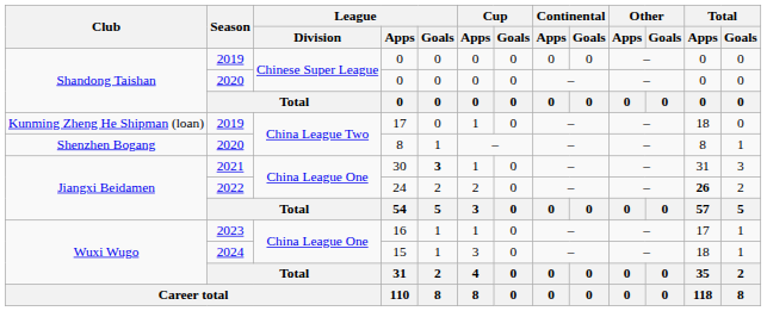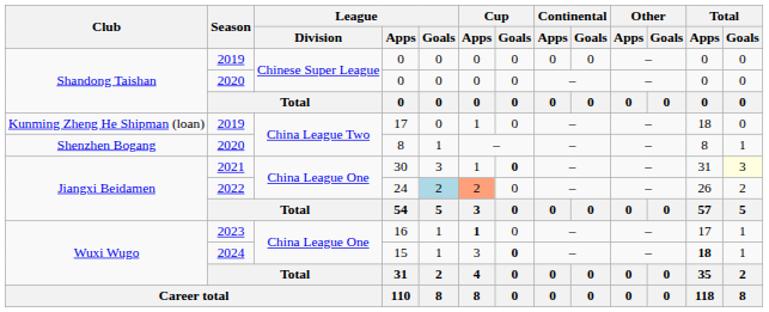 <table class="wikitable" style="text-align: center">
 <tr>
 <th rowspan="2">Club</th>
 <th rowspan="2">Season</th>
 <th colspan="3">League</th>
 <th colspan="2">Cup</th>
 <th colspan="2">Continental</th>
 <th colspan="2">Other</th>
 <th colspan="2">Total</th>
 </tr>
 <tr>
 <th>Division</th>
 <th>Apps</th>
 <th>Goals</th>
 <th>Apps</th>
 <th>Goals</th>
 <th>Apps</th>
 <th>Goals</th>
 <th>Apps</th>
 <th>Goals</th>
 <th>Apps</th>
 <th>Goals</th>
 </tr>
 <tr>
 <td rowspan="3"><a href='#'>Shandong Taishan</a></td>
 <td><a href='#'>2019</a></td>
 <td rowspan="2"><a href='#'>Chinese Super League</a></td>
 <td>0</td>
 <td>0</td>
 <td>0</td>
 <td>0</td>
 <td>0</td>
 <td>0</td>
 <td colspan="2">–</td>
 <td>0</td>
 <td>0</td>
 </tr>
 <tr>
 <td><a href='#'>2020</a></td>
 <td>0</td>
 <td>0</td>
 <td>0</td>
 <td>0</td>
 <td colspan="2">–</td>
 <td colspan="2">–</td>
 <td>0</td>
 <td>0</td>
 </tr>
 <tr>
 <th colspan=2>Total</th>
 <th>0</th>
 <th>0</th>
 <th>0</th>
 <th>0</th>
 <th>0</th>
 <th>0</th>
 <th>0</th>
 <th>0</th>
 <th>0</th>
 <th>0</th>
 </tr>
 <tr>
 <td><a href='#'>Kunming Zheng He Shipman</a> (loan)</td>
 <td><a href='#'>2019</a></td>
 <td rowspan="2"><a href='#'>China League Two</a></td>
 <td>17</td>
 <td>0</td>
 <td>1</td>
 <td>0</td>
 <td colspan="2">–</td>
 <td colspan="2">–</td>
 <td>18</td>
 <td>0</td>
 </tr>
 <tr>
 <td><a href='#'>Shenzhen Bogang</a></td>
 <td><a href='#'>2020</a></td>
 <td>8</td>
 <td>1</td>
 <td colspan="2">–</td>
 <td colspan="2">–</td>
 <td colspan="2">–</td>
 <td>8</td>
 <td>1</td>
 </tr>
 <tr>
 <td rowspan=3><a href='#'>Jiangxi Beidamen</a></td>
 <td><a href='#'>2021</a></td>
 <td rowspan=2><a href='#'>China League One</a></td>
 <td>30</td>
-<td><strong>3</strong></td>
+<td>3</td>
 <td>1</td>
-<td>0</td>
+<td><strong>0</strong></td>
 <td colspan="2">–</td>
 <td colspan="2">–</td>
 <td>31</td>
-<td>3</td>
+<td style="background: lightyellow;">3</td>
 </tr>
 <tr>
 <td><a href='#'>2022</a></td>
 <td>24</td>
-<td>2</td>
-<td>2</td>
+<td style="background: lightblue;">2</td>
+<td style="background: lightsalmon;">2</td>
 <td>0</td>
 <td colspan="2">–</td>
 <td colspan="2">–</td>
-<td><strong>26</strong></td>
+<td>26</td>
 <td>2</td>
 </tr>
 <tr>
 <th colspan=2>Total</th>
 <th>54</th>
 <th>5</th>
 <th>3</th>
 <th>0</th>
 <th>0</th>
 <th>0</th>
 <th>0</th>
 <th>0</th>
 <th>57</th>
 <th>5</th>
 </tr>
 <tr>
 <td rowspan=3><a href='#'>Wuxi Wugo</a></td>
 <td><a href='#'>2023</a></td>
 <td rowspan=2><a href='#'>China League One</a></td>
 <td>16</td>
 <td>1</td>
-<td>1</td>
+<td><strong>1</strong></td>
 <td>0</td>
 <td colspan="2">–</td>
 <td colspan="2">–</td>
 <td>17</td>
 <td>1</td>
 </tr>
 <tr>
 <td><a href='#'>2024</a></td>
 <td>15</td>
 <td>1</td>
 <td>3</td>
-<td>0</td>
+<td><strong>0</strong></td>
 <td colspan="2">–</td>
 <td colspan="2">–</td>
-<td>18</td>
+<td><strong>18</strong></td>
 <td>1</td>
 </tr>
 <tr>
 <th colspan=2>Total</th>
 <th>31</th>
 <th>2</th>
 <th>4</th>
 <th>0</th>
 <th>0</th>
 <th>0</th>
 <th>0</th>
 <th>0</th>
 <th>35</th>
 <th>2</th>
 </tr>
 <tr>
 <th colspan=3>Career total</th>
 <th>110</th>
 <th>8</th>
 <th>8</th>
 <th>0</th>
 <th>0</th>
 <th>0</th>
 <th>0</th>
 <th>0</th>
 <th>118</th>
 <th>8</th>
 </tr>
 </table>
